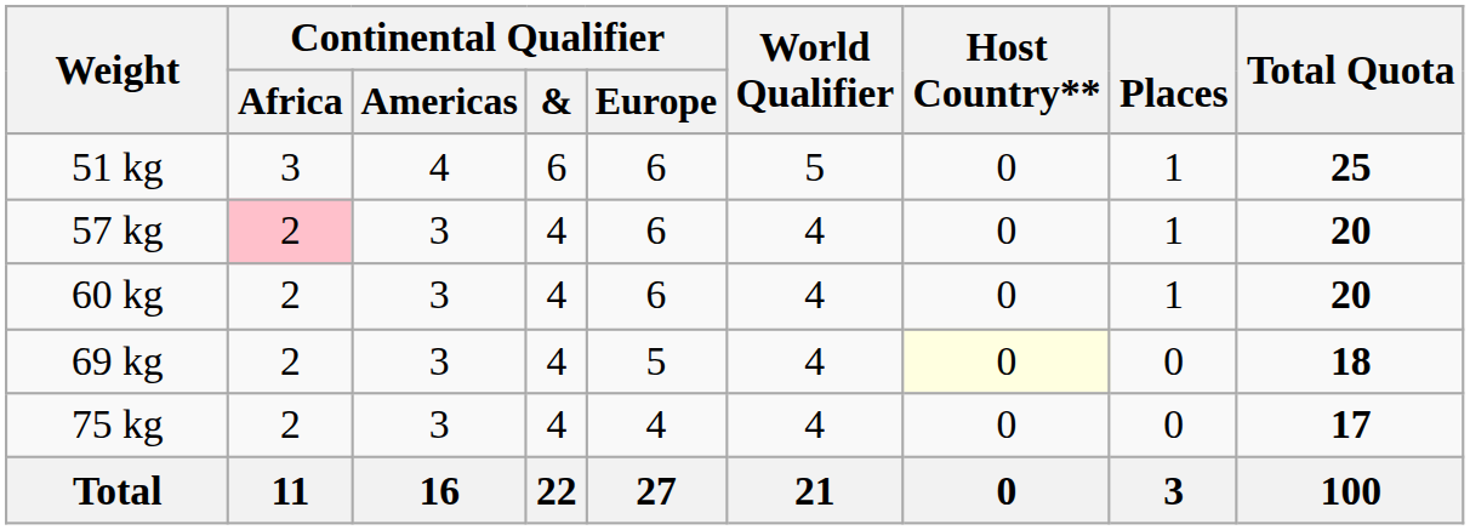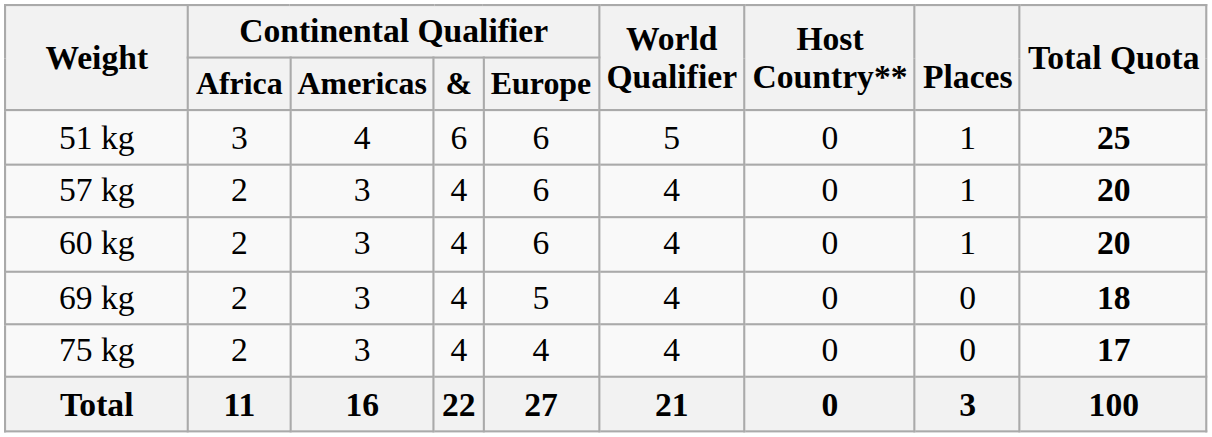 <table class="wikitable" style="text-align:center;">
 <tr>
 <th width=80 rowspan=2>Weight</th>
 <th colspan=4>Continental Qualifier</th>
 <th rowspan=2>World<br>Qualifier</th>
 <th rowspan=2>Host<br>Country**</th>
 <th rowspan=2><br>Places</th>
 <th rowspan=2>Total Quota</th>
 </tr>
 <tr style="font-size:95%">
 <th>Africa</th>
 <th>Americas</th>
 <th> & </th>
 <th>Europe</th>
 </tr>
 <tr>
 <td>51 kg</td>
 <td>3</td>
 <td>4</td>
 <td>6</td>
 <td>6</td>
 <td>5</td>
 <td>0</td>
 <td>1</td>
 <td><strong>25</strong></td>
 </tr>
 <tr>
 <td>57 kg</td>
-<td style="background: pink;">2</td>
+<td>2</td>
 <td>3</td>
 <td>4</td>
 <td>6</td>
 <td>4</td>
 <td>0</td>
 <td>1</td>
 <td><strong>20</strong></td>
 </tr>
 <tr>
 <td>60 kg</td>
 <td>2</td>
 <td>3</td>
 <td>4</td>
 <td>6</td>
 <td>4</td>
 <td>0</td>
 <td>1</td>
 <td><strong>20</strong></td>
 </tr>
 <tr>
 <td>69 kg</td>
 <td>2</td>
 <td>3</td>
 <td>4</td>
 <td>5</td>
 <td>4</td>
-<td style="background: lightyellow;">0</td>
+<td>0</td>
 <td>0</td>
 <td><strong>18</strong></td>
 </tr>
 <tr>
 <td>75 kg</td>
 <td>2</td>
 <td>3</td>
 <td>4</td>
 <td>4</td>
 <td>4</td>
 <td>0</td>
 <td>0</td>
 <td><strong>17</strong></td>
 </tr>
 <tr>
 <th>Total</th>
 <th>11</th>
 <th>16</th>
 <th>22</th>
 <th>27</th>
 <th>21</th>
 <th>0</th>
 <th>3</th>
 <th>100</th>
 </tr>
 </table>
